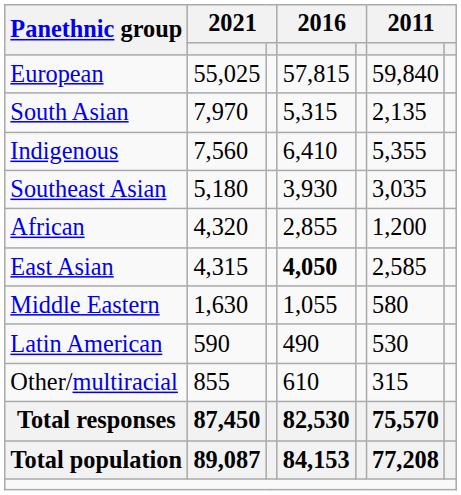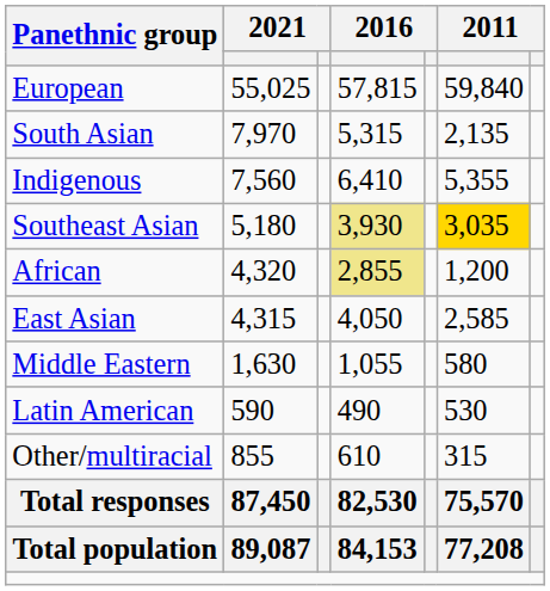 <table class="wikitable collapsible sortable">
 <tr>
 <th rowspan="2"><a href='#'>Panethnic</a> group</th>
 <th colspan="2">2021</th>
 <th colspan="2">2016</th>
 <th colspan="2">2011</th>
 </tr>
 <tr>
 <th><a href='#'></a></th>
 <th></th>
 <th></th>
 <th></th>
 <th></th>
 <th></th>
 </tr>
 <tr>
 <td><a href='#'>European</a></td>
 <td>55,025</td>
 <td></td>
 <td>57,815</td>
 <td></td>
 <td>59,840</td>
 <td></td>
 </tr>
 <tr>
 <td><a href='#'>South Asian</a></td>
 <td>7,970</td>
 <td></td>
 <td>5,315</td>
 <td></td>
 <td>2,135</td>
 <td></td>
 </tr>
 <tr>
 <td><a href='#'>Indigenous</a></td>
 <td>7,560</td>
 <td></td>
 <td>6,410</td>
 <td></td>
 <td>5,355</td>
 <td></td>
 </tr>
 <tr>
 <td><a href='#'>Southeast Asian</a></td>
 <td>5,180</td>
 <td></td>
-<td>3,930</td>
+<td style="background: khaki;">3,930</td>
 <td></td>
-<td>3,035</td>
+<td style="background: gold;">3,035</td>
 <td></td>
 </tr>
 <tr>
 <td><a href='#'>African</a></td>
 <td>4,320</td>
 <td></td>
-<td>2,855</td>
+<td style="background: khaki;">2,855</td>
 <td></td>
 <td>1,200</td>
 <td></td>
 </tr>
 <tr>
 <td><a href='#'>East Asian</a></td>
 <td>4,315</td>
 <td></td>
-<td><strong>4,050</strong></td>
+<td>4,050</td>
 <td></td>
 <td>2,585</td>
 <td></td>
 </tr>
 <tr>
 <td><a href='#'>Middle Eastern</a></td>
 <td>1,630</td>
 <td></td>
 <td>1,055</td>
 <td></td>
 <td>580</td>
 <td></td>
 </tr>
 <tr>
 <td><a href='#'>Latin American</a></td>
 <td>590</td>
 <td></td>
 <td>490</td>
 <td></td>
 <td>530</td>
 <td></td>
 </tr>
 <tr>
 <td>Other/<a href='#'>multiracial</a></td>
 <td>855</td>
 <td></td>
 <td>610</td>
 <td></td>
 <td>315</td>
 <td></td>
 </tr>
 <tr>
 <th>Total responses</th>
 <th>87,450</th>
 <th></th>
 <th>82,530</th>
 <th></th>
 <th>75,570</th>
 <th></th>
 </tr>
 <tr class="sortbottom">
 <th>Total population</th>
 <th>89,087</th>
 <th></th>
 <th>84,153</th>
 <th></th>
 <th>77,208</th>
 <th></th>
 </tr>
 <tr class="sortbottom">
 <td colspan="15"></td>
 </tr>
 </table>
